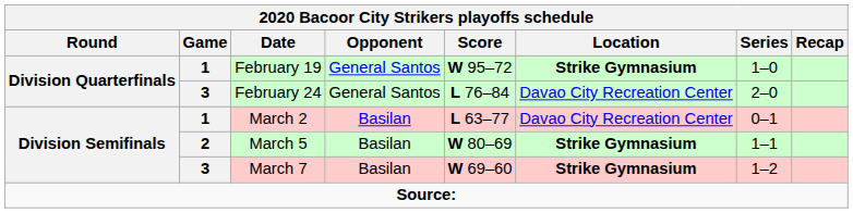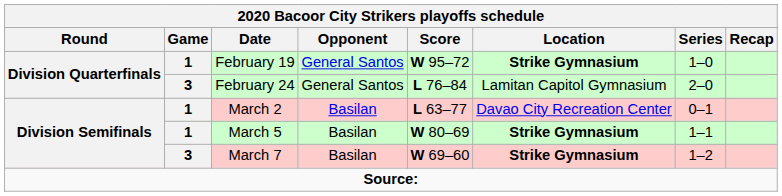 <table class="wikitable" style="text-align:center">
 <tr>
 <th colspan=8>2020 Bacoor City Strikers playoffs schedule</th>
 </tr>
 <tr>
 <th>Round</th>
 <th>Game</th>
 <th>Date</th>
 <th>Opponent</th>
 <th>Score</th>
 <th>Location</th>
 <th>Series</th>
 <th>Recap<br></th>
 </tr>
 <tr style="background:#cfc">
 <th rowspan=2>Division Quarterfinals</th>
 <th>1</th>
 <td>February 19</td>
 <td><a href='#'>General Santos</a></td>
 <td><strong>W</strong> 95–72</td>
 <td><strong>Strike Gymnasium</strong></td>
 <td>1–0</td>
 <td></td>
 </tr>
 <tr style="background:#cfc">
 <th>3</th>
 <td>February 24</td>
 <td>General Santos</td>
 <td><strong>L</strong> 76–84</td>
-<td><a href='#'>Davao City Recreation Center</a></td>
+<td>Lamitan Capitol Gymnasium</td>
 <td>2–0</td>
 <td><br></td>
 </tr>
 <tr style="background:#fcc">
 <th rowspan=3>Division Semifinals</th>
 <th>1</th>
 <td>March 2</td>
 <td><a href='#'>Basilan</a></td>
 <td><strong>L</strong> 63–77</td>
 <td><a href='#'>Davao City Recreation Center</a></td>
 <td>0–1</td>
 <td></td>
 </tr>
 <tr style="background:#cfc">
-<th>2</th>
+<th>1</th>
 <td>March 5</td>
 <td>Basilan</td>
 <td><strong>W</strong> 80–69</td>
 <td><strong>Strike Gymnasium</strong></td>
 <td>1–1</td>
 <td></td>
 </tr>
 <tr style="background:#fcc">
 <th>3</th>
 <td>March 7</td>
 <td>Basilan</td>
 <td><strong>W</strong> 69–60</td>
 <td><strong>Strike Gymnasium</strong></td>
 <td>1–2</td>
 <td></td>
 </tr>
 <tr>
 <td colspan=8 align=center><strong>Source: </strong></td>
 </tr>
 </table>
